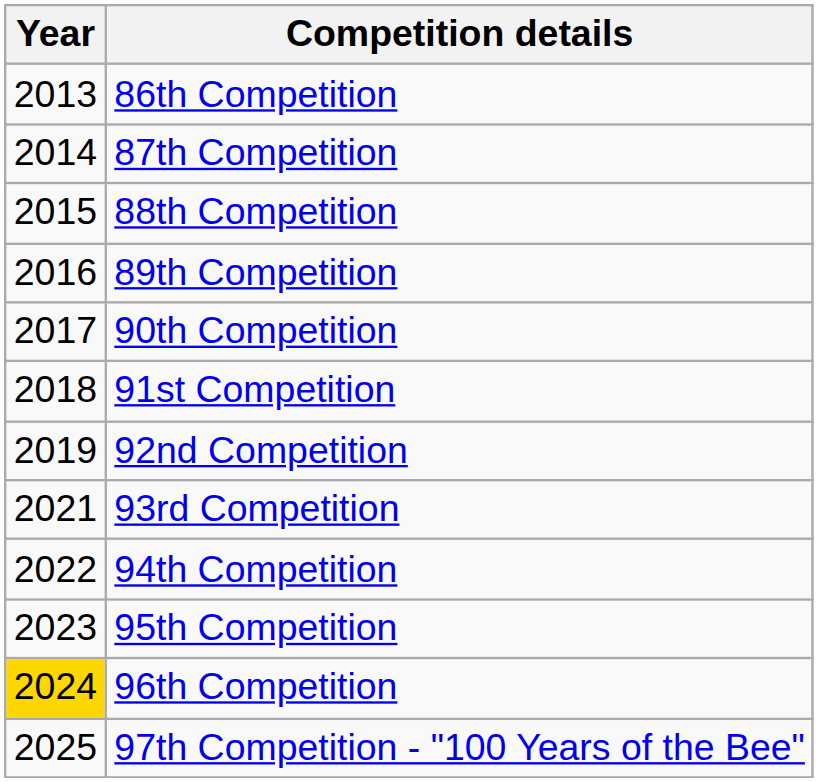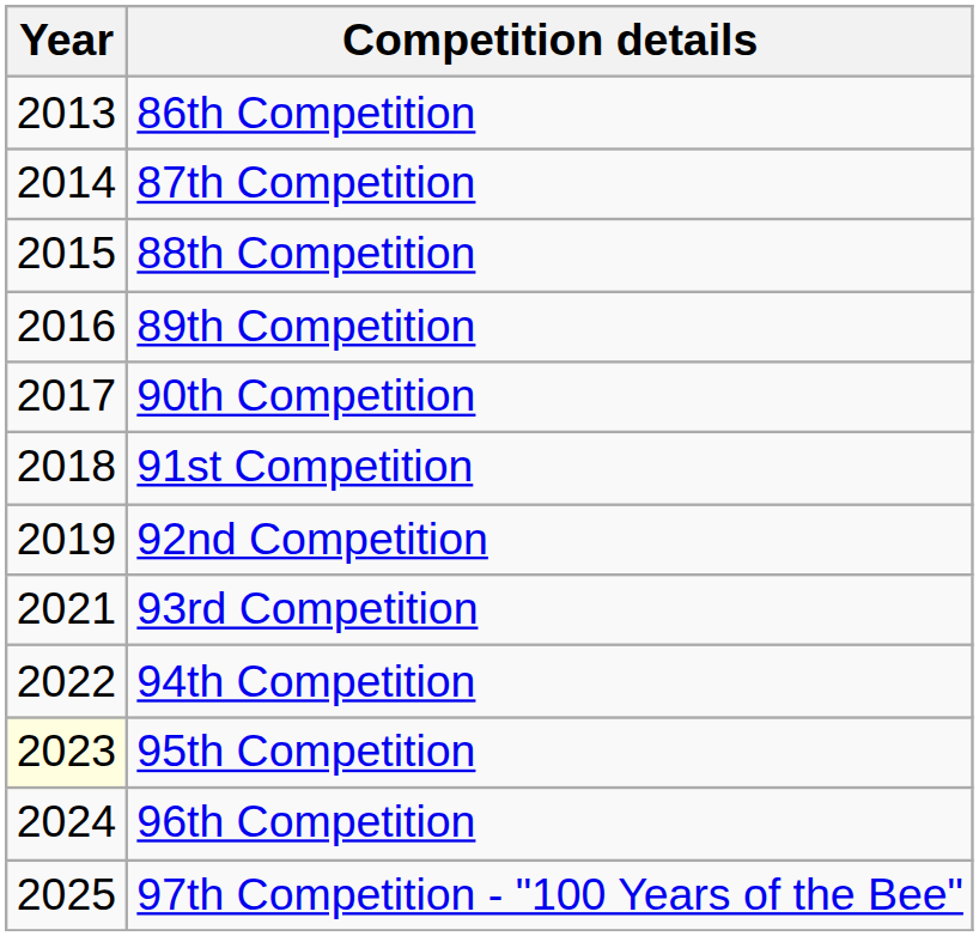 <table class="wikitable">
 <tr>
 <th>Year</th>
 <th>Competition details</th>
 </tr>
 <tr>
 <td>2013</td>
 <td><a href='#'>86th Competition</a></td>
 </tr>
 <tr>
 <td>2014</td>
 <td><a href='#'>87th Competition</a></td>
 </tr>
 <tr>
 <td>2015</td>
 <td><a href='#'>88th Competition</a></td>
 </tr>
 <tr>
 <td>2016</td>
 <td><a href='#'>89th Competition</a></td>
 </tr>
 <tr>
 <td>2017</td>
 <td><a href='#'>90th Competition</a></td>
 </tr>
 <tr>
 <td>2018</td>
 <td><a href='#'>91st Competition</a></td>
 </tr>
 <tr>
 <td>2019</td>
 <td><a href='#'>92nd Competition</a></td>
 </tr>
 <tr>
 <td>2021</td>
 <td><a href='#'>93rd Competition</a></td>
 </tr>
 <tr>
 <td>2022</td>
 <td><a href='#'>94th Competition</a></td>
 </tr>
 <tr>
-<td>2023</td>
+<td style="background: lightyellow;">2023</td>
 <td><a href='#'>95th Competition</a></td>
 </tr>
 <tr>
-<td style="background: gold;">2024</td>
+<td>2024</td>
 <td><a href='#'>96th Competition</a></td>
 </tr>
 <tr>
 <td>2025</td>
 <td><a href='#'>97th Competition - "100 Years of the Bee"</a></td>
 </tr>
 </table>
